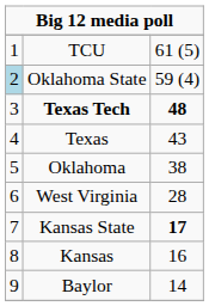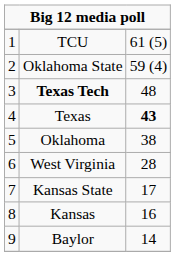 <table class="wikitable" style="display: inline-table;">
 <tr>
 <td align="center" Colspan="3"><strong>Big 12 media poll</strong></td>
 </tr>
 <tr align="center">
 </tr>
 <tr align="center">
 <td>1</td>
 <td>TCU</td>
 <td>61 (5)</td>
 </tr>
 <tr align="center">
-<td style="background: lightblue;">2</td>
+<td>2</td>
 <td>Oklahoma State</td>
 <td>59 (4)</td>
 </tr>
 <tr align="center">
 <td>3</td>
 <td><strong>Texas Tech</strong></td>
-<td><strong>48</strong></td>
+<td>48</td>
 </tr>
 <tr align="center">
 <td>4</td>
 <td>Texas</td>
-<td>43</td>
+<td><strong>43</strong></td>
 </tr>
 <tr align="center">
 <td>5</td>
 <td>Oklahoma</td>
 <td>38</td>
 </tr>
 <tr align="center">
 <td>6</td>
 <td>West Virginia</td>
 <td>28</td>
 </tr>
 <tr align="center">
 <td>7</td>
 <td>Kansas State</td>
-<td><strong>17</strong></td>
+<td>17</td>
 </tr>
 <tr align="center">
 <td>8</td>
 <td>Kansas</td>
 <td>16</td>
 </tr>
 <tr align="center">
 <td>9</td>
 <td>Baylor</td>
 <td>14</td>
 </tr>
 <tr>
 </tr>
 </table>
